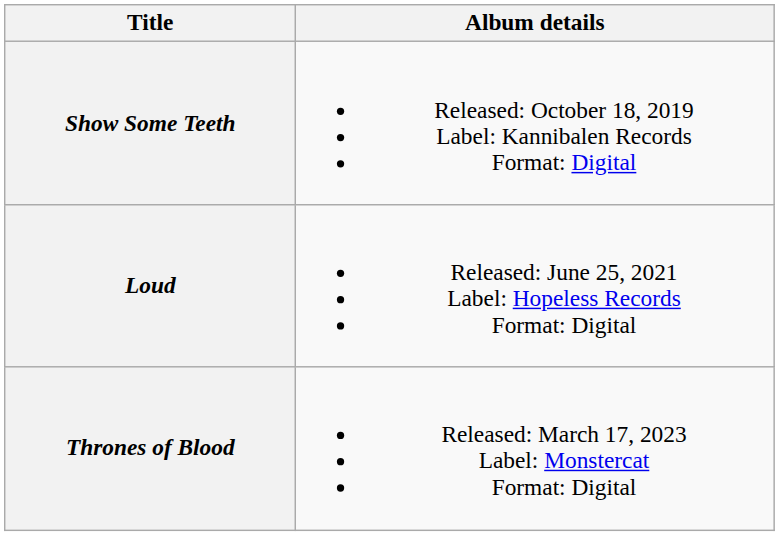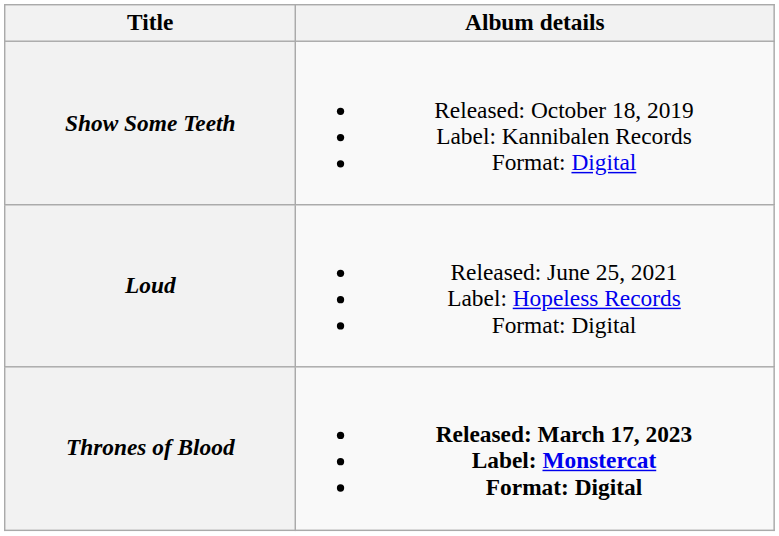 <table class="wikitable plainrowheaders" style="text-align:center;">
 <tr>
 <th scope="col" rowspan="1" style="width:12em;">Title</th>
 <th scope="col" rowspan="1" style="width:20em;">Album details</th>
 </tr>
 <tr>
 <th scope="row"><em>Show Some Teeth</em></th>
 <td><br><ul><li>Released: October 18, 2019</li><li>Label: Kannibalen Records</li><li>Format: <a href='#'>Digital</a></li></ul></td>
 </tr>
 <tr>
 <th scope="row"><em>Loud</em></th>
 <td><br><ul><li>Released: June 25, 2021</li><li>Label: <a href='#'>Hopeless Records</a></li><li>Format: Digital</li></ul></td>
 </tr>
 <tr>
 <th scope="row"><em>Thrones of Blood</em></th>
-<td><br><ul><li>Released: March 17, 2023</li><li>Label: <a href='#'>Monstercat</a></li><li>Format: Digital</li></ul></td>
+<td><strong><br><ul><li>Released: March 17, 2023</li><li>Label: <a href='#'>Monstercat</a></li><li>Format: Digital</li></ul></strong></td>
 </tr>
 </table>
